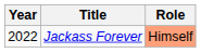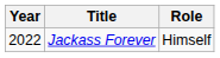 <table class="wikitable">
 <tr>
 <th>Year</th>
 <th>Title</th>
 <th>Role</th>
 </tr>
 <tr>
 <td rowspan="2">2022</td>
 <td><em><a href='#'>Jackass Forever</a></em></td>
-<td style="background: lightsalmon;">Himself</td>
+<td>Himself</td>
 </tr>
 </table>
